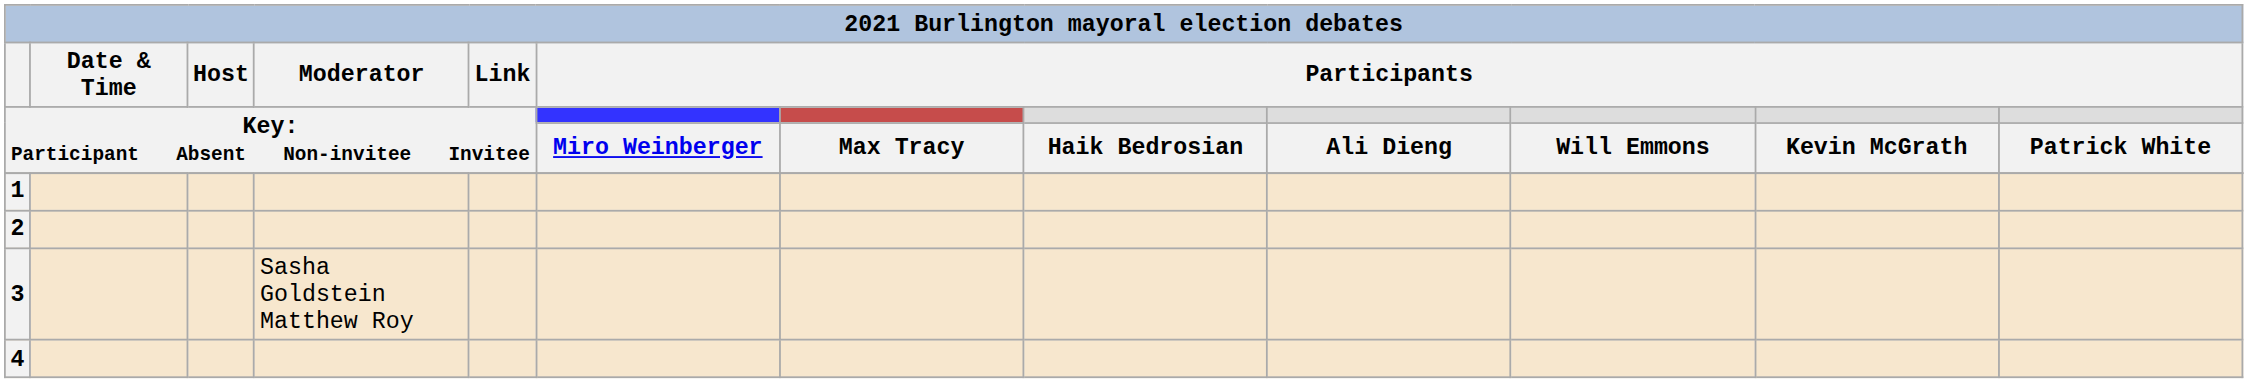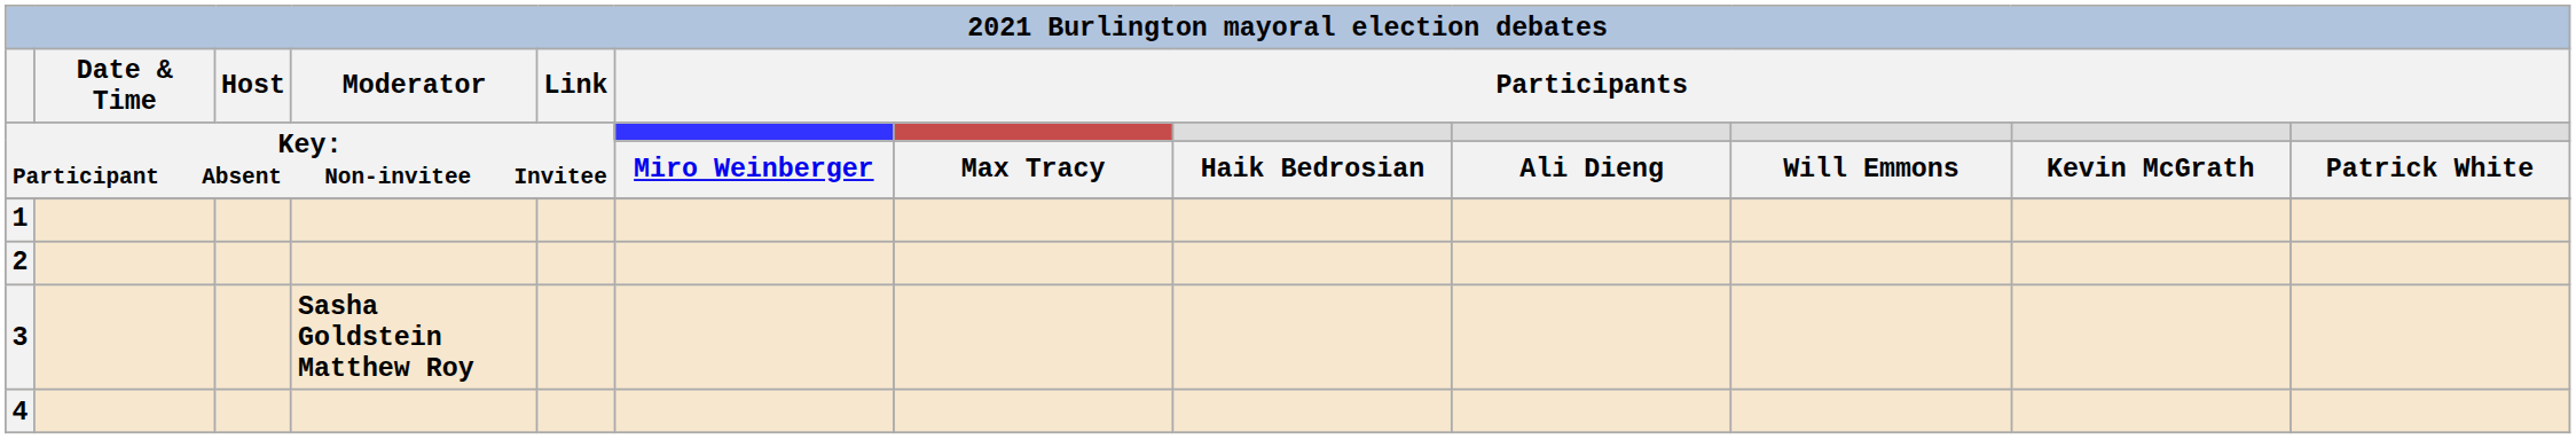 <table class="wikitable">
 <tr>
 <th style="background:#B0C4DE" colspan="16">2021 Burlington mayoral election debates</th>
 </tr>
 <tr>
 <th style="white-space:nowrap;"> </th>
 <th>Date & Time</th>
 <th>Host</th>
 <th>Moderator</th>
 <th>Link</th>
 <th scope="col" colspan="10">Participants</th>
 </tr>
 <tr>
 <th colspan="5" rowspan="2">Key:<br> <small>Participant  </small>  <small>Absent  </small>  <small>Non-invitee  </small>  <small>Invitee</small></th>
 <th scope="col" style="width:10em; background: #3333FF;"><small><a href='#'></a></small></th>
 <th scope="col" style="width:10em; background: #C64C4B;"><small><a href='#'></a></small></th>
 <th scope="col" style="width:10em; background: #DDDDDD;"><small><a href='#'></a></small></th>
 <th scope="col" style="width:10em; background: #DDDDDD;"><small><a href='#'></a></small></th>
 <th scope="col" style="width:10em; background: #DDDDDD;"><small><a href='#'></a></small></th>
 <th scope="col" style="width:10em; background: #DDDDDD;"><small><a href='#'></a></small></th>
 <th scope="col" style="width:10em; background: #DDDDDD;"><small><a href='#'></a></small></th>
 </tr>
 <tr>
 <th><a href='#'>Miro Weinberger</a></th>
 <th>Max Tracy</th>
 <th>Haik Bedrosian</th>
 <th>Ali Dieng</th>
 <th>Will Emmons</th>
 <th>Kevin McGrath</th>
 <th>Patrick White</th>
 </tr>
 <tr>
 </tr>
 <tr bgcolor="#F7E7CE">
 <th> 1 </th>
 <td style="white-space:nowrap;"></td>
 <td style="white-space:nowrap;"></td>
 <td style="white-space:nowrap;"></td>
 <td style="white-space:nowrap;"></td>
 <td></td>
 <td></td>
 <td></td>
 <td></td>
 <td></td>
 <td></td>
 <td></td>
 </tr>
 <tr bgcolor="#F7E7CE">
 <th>2</th>
 <td></td>
 <td><div><br></div></td>
 <td></td>
 <td></td>
 <td></td>
 <td></td>
 <td></td>
 <td></td>
 <td></td>
 <td></td>
 <td></td>
 </tr>
 <tr bgcolor="#F7E7CE">
 <th>3</th>
 <td></td>
 <td></td>
-<td><div>Sasha Goldstein<br>Matthew Roy </div></td>
+<td><strong><div>Sasha Goldstein<br>Matthew Roy </div></strong></td>
 <td></td>
 <td></td>
 <td></td>
 <td></td>
 <td></td>
 <td></td>
 <td></td>
 <td></td>
 </tr>
 <tr bgcolor="#F7E7CE">
 <th>4</th>
 <td></td>
 <td></td>
 <td></td>
 <td></td>
 <td></td>
 <td></td>
 <td></td>
 <td></td>
 <td></td>
 <td></td>
 <td></td>
 </tr>
 </table>
